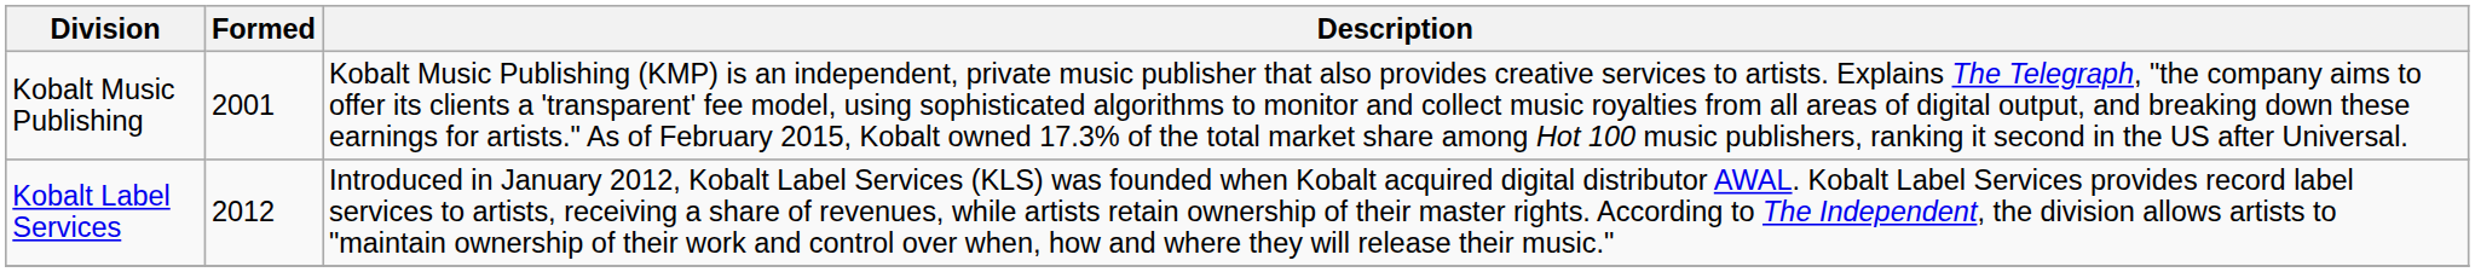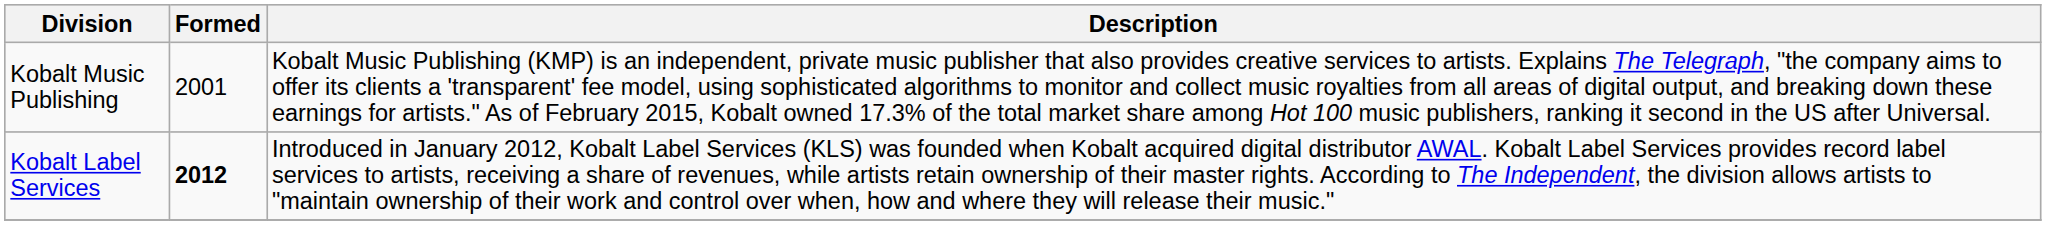 <table class="wikitable" style="text-align:left;font-size:90%;">
 <tr>
 <th>Division</th>
 <th>Formed</th>
 <th>Description</th>
 </tr>
 <tr>
 <td>Kobalt Music Publishing</td>
 <td>2001</td>
 <td>Kobalt Music Publishing (KMP) is an independent, private music publisher that also provides creative services to artists. Explains <em><a href='#'>The Telegraph</a></em>, "the company aims to offer its clients a 'transparent' fee model, using sophisticated algorithms to monitor and collect music royalties from all areas of digital output, and breaking down these earnings for artists." As of February 2015, Kobalt owned 17.3% of the total market share among <em>Hot 100</em> music publishers, ranking it second in the US after Universal.</td>
 </tr>
 <tr>
 <td><a href='#'>Kobalt Label Services</a></td>
-<td>2012</td>
+<td><strong>2012</strong></td>
 <td>Introduced in January 2012, Kobalt Label Services (KLS) was founded when Kobalt acquired digital distributor <a href='#'>AWAL</a>. Kobalt Label Services provides record label services to artists, receiving a share of revenues, while artists retain ownership of their master rights. According to <em><a href='#'>The Independent</a></em>, the division allows artists to "maintain ownership of their work and control over when, how and where they will release their music."</td>
 </tr>
 <tr>
 </tr>
 </table>
